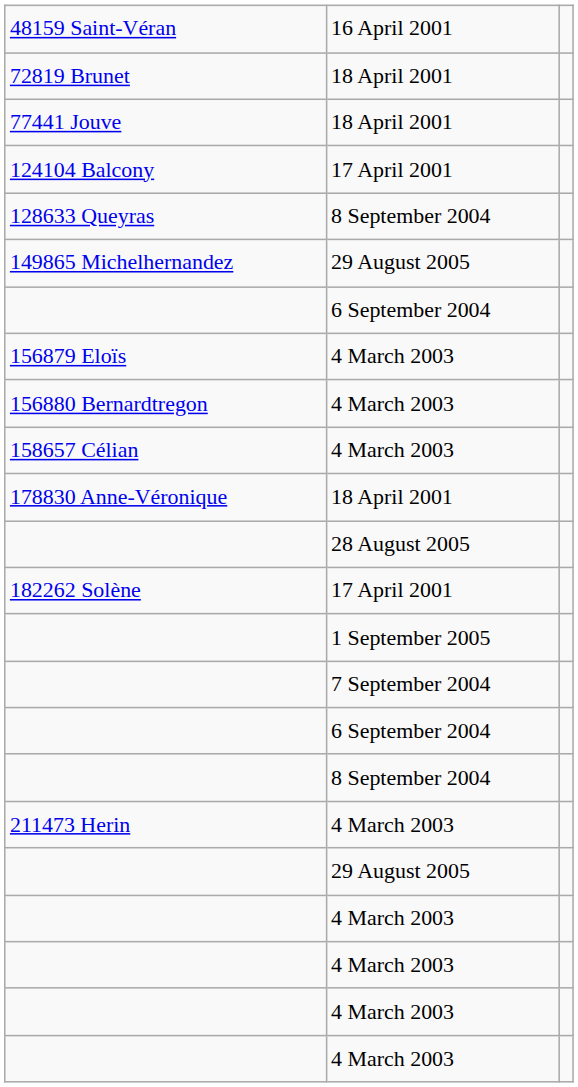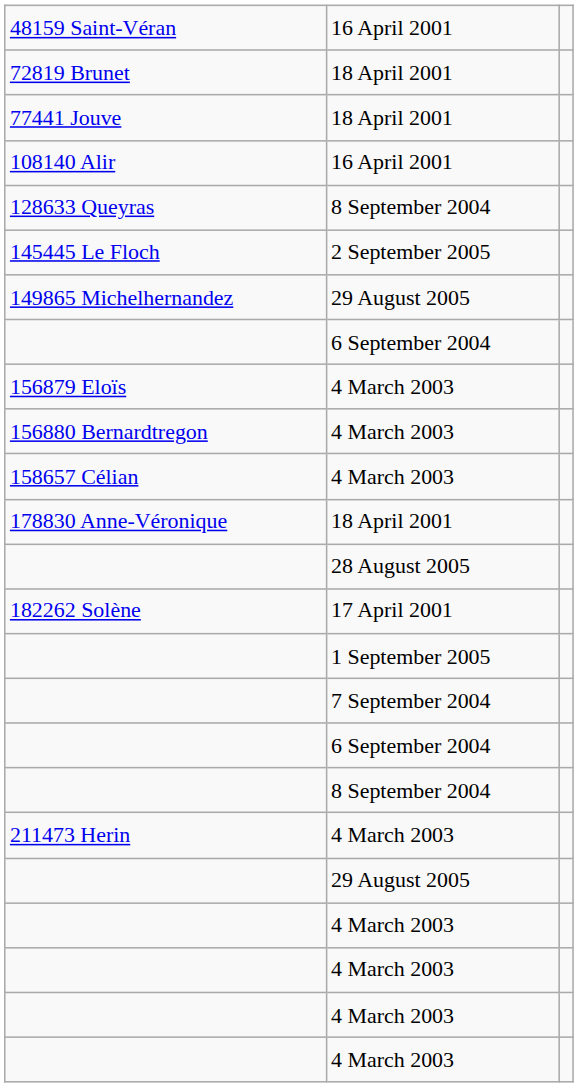 <table class="wikitable" style="font-size: 89%; float: left; width: 26em; margin-right: 1em; height: 700px;">
 <tr>
 <td><a href='#'>48159 Saint-Véran</a></td>
 <td>16 April 2001</td>
 <td></td>
 </tr>
 <tr>
 <td><a href='#'>72819 Brunet</a></td>
 <td>18 April 2001</td>
 <td></td>
 </tr>
 <tr>
 <td><a href='#'>77441 Jouve</a></td>
 <td>18 April 2001</td>
 <td></td>
 </tr>
 <tr>
-<td><a href='#'>124104 Balcony</a></td>
-<td>17 April 2001</td>
+<td><a href='#'>108140 Alir</a></td>
+<td>16 April 2001</td>
 <td></td>
 </tr>
 <tr>
 <td><a href='#'>128633 Queyras</a></td>
 <td>8 September 2004</td>
+<td></td>
+</tr>
+<tr>
+<td><a href='#'>145445 Le Floch</a></td>
+<td>2 September 2005</td>
 <td></td>
 </tr>
 <tr>
 <td><a href='#'>149865 Michelhernandez</a></td>
 <td>29 August 2005</td>
 <td></td>
 </tr>
 <tr>
 <td></td>
 <td>6 September 2004</td>
 <td></td>
 </tr>
 <tr>
 <td><a href='#'>156879 Eloïs</a></td>
 <td>4 March 2003</td>
 <td></td>
 </tr>
 <tr>
 <td><a href='#'>156880 Bernardtregon</a></td>
 <td>4 March 2003</td>
 <td></td>
 </tr>
 <tr>
 <td><a href='#'>158657 Célian</a></td>
 <td>4 March 2003</td>
 <td></td>
 </tr>
 <tr>
 <td><a href='#'>178830 Anne-Véronique</a></td>
 <td>18 April 2001</td>
 <td></td>
 </tr>
 <tr>
 <td></td>
 <td>28 August 2005</td>
 <td></td>
 </tr>
 <tr>
 <td><a href='#'>182262 Solène</a></td>
 <td>17 April 2001</td>
 <td></td>
 </tr>
 <tr>
 <td></td>
 <td>1 September 2005</td>
 <td></td>
 </tr>
 <tr>
 <td></td>
 <td>7 September 2004</td>
 <td></td>
 </tr>
 <tr>
 <td></td>
 <td>6 September 2004</td>
 <td></td>
 </tr>
 <tr>
 <td></td>
 <td>8 September 2004</td>
 <td></td>
 </tr>
 <tr>
 <td><a href='#'>211473 Herin</a></td>
 <td>4 March 2003</td>
 <td></td>
 </tr>
 <tr>
 <td></td>
 <td>29 August 2005</td>
 <td></td>
 </tr>
 <tr>
 <td></td>
 <td>4 March 2003</td>
 <td></td>
 </tr>
 <tr>
 <td></td>
 <td>4 March 2003</td>
 <td></td>
 </tr>
 <tr>
 <td></td>
 <td>4 March 2003</td>
 <td></td>
 </tr>
 <tr>
 <td></td>
 <td>4 March 2003</td>
 <td></td>
 </tr>
 </table>
